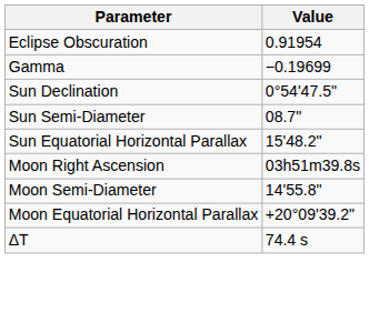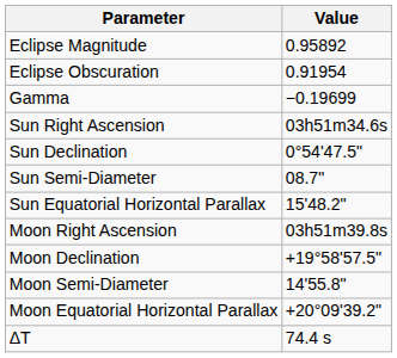 <table class="wikitable">
 <tr>
 <th>Parameter</th>
 <th>Value</th>
+</tr>
+<tr>
+<td>Eclipse Magnitude</td>
+<td>0.95892</td>
 </tr>
 <tr>
 <td>Eclipse Obscuration</td>
 <td>0.91954</td>
 </tr>
 <tr>
 <td>Gamma</td>
 <td>−0.19699</td>
+</tr>
+<tr>
+<td>Sun Right Ascension</td>
+<td>03h51m34.6s</td>
 </tr>
 <tr>
 <td>Sun Declination</td>
 <td>0°54'47.5"</td>
 </tr>
 <tr>
 <td>Sun Semi-Diameter</td>
 <td>08.7"</td>
 </tr>
 <tr>
 <td>Sun Equatorial Horizontal Parallax</td>
 <td>15'48.2"</td>
 </tr>
 <tr>
 <td>Moon Right Ascension</td>
 <td>03h51m39.8s</td>
 </tr>
 <tr>
+<td>Moon Declination</td>
+<td>+19°58'57.5"</td>
+</tr>
+<tr>
 <td>Moon Semi-Diameter</td>
 <td>14'55.8"</td>
 </tr>
 <tr>
 <td>Moon Equatorial Horizontal Parallax</td>
 <td>+20°09'39.2"</td>
 </tr>
 <tr>
 <td>ΔT</td>
 <td>74.4 s</td>
 </tr>
 </table>
